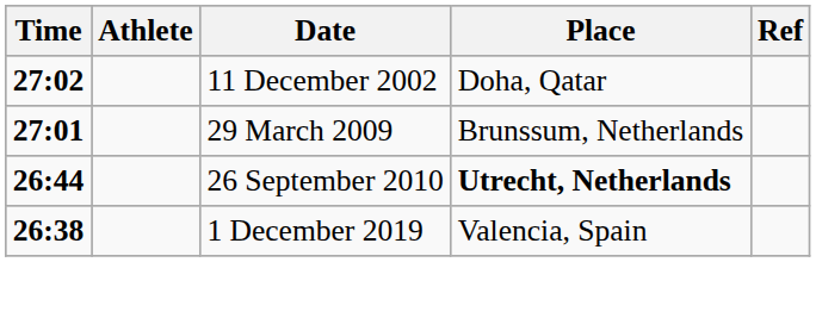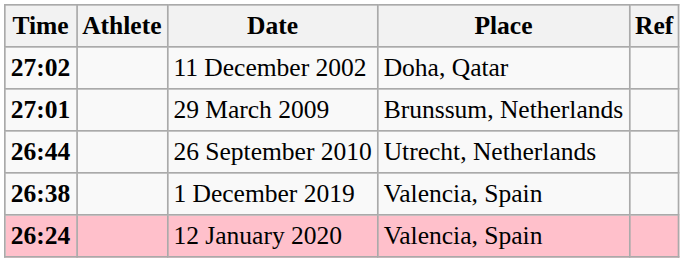 <table class="wikitable" style="font-size:95%">
 <tr>
 <th>Time</th>
 <th>Athlete</th>
 <th>Date</th>
 <th>Place</th>
 <th>Ref</th>
 </tr>
 <tr>
 <td align=center><strong>27:02</strong></td>
 <td></td>
 <td>11 December 2002</td>
 <td>Doha, Qatar</td>
 <td></td>
 </tr>
 <tr>
 <td align=center><strong>27:01</strong></td>
 <td></td>
 <td>29 March 2009</td>
 <td>Brunssum, Netherlands</td>
 <td></td>
 </tr>
 <tr>
 <td align=center><strong>26:44</strong></td>
 <td></td>
 <td>26 September 2010</td>
-<td><strong>Utrecht, Netherlands</strong></td>
+<td>Utrecht, Netherlands</td>
 <td></td>
 </tr>
 <tr>
 <td align=center><strong>26:38</strong></td>
 <td></td>
 <td>1 December 2019</td>
 <td>Valencia, Spain</td>
 <td></td>
 </tr>
+<tr style="background:pink;">
+<td align=center><strong>26:24</strong></td>
+<td></td>
+<td>12 January 2020</td>
+<td>Valencia, Spain</td>
+<td></td>
+</tr>
 </table>
